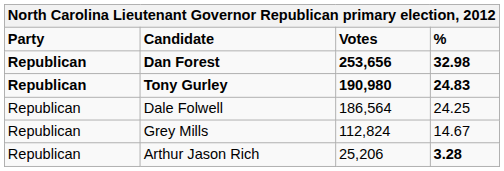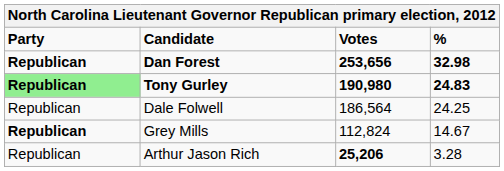 <table class="wikitable">
 <tr>
 <th colspan="4">North Carolina Lieutenant Governor Republican primary election, 2012</th>
 </tr>
 <tr>
 <td><strong>Party</strong></td>
 <td><strong>Candidate</strong></td>
 <td><strong>Votes</strong></td>
 <td><strong>%</strong></td>
 </tr>
 <tr>
 <td><strong>Republican</strong></td>
 <td><strong>Dan Forest</strong></td>
 <td><strong>253,656</strong></td>
 <td><strong>32.98</strong></td>
 </tr>
 <tr>
-<td><strong>Republican</strong></td>
+<td style="background: lightgreen;"><strong>Republican</strong></td>
 <td><strong>Tony Gurley</strong></td>
 <td><strong>190,980</strong></td>
 <td><strong>24.83</strong></td>
 </tr>
 <tr>
 <td>Republican</td>
 <td>Dale Folwell</td>
 <td>186,564</td>
 <td>24.25</td>
 </tr>
 <tr>
-<td>Republican</td>
+<td><strong>Republican</strong></td>
 <td>Grey Mills</td>
 <td>112,824</td>
 <td>14.67</td>
 </tr>
 <tr>
 <td>Republican</td>
 <td>Arthur Jason Rich</td>
-<td>25,206</td>
-<td><strong>3.28</strong></td>
+<td><strong>25,206</strong></td>
+<td>3.28</td>
 </tr>
 </table>
